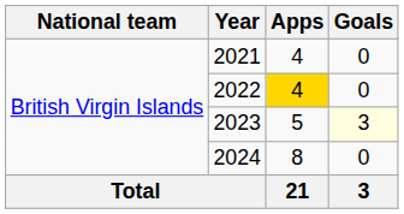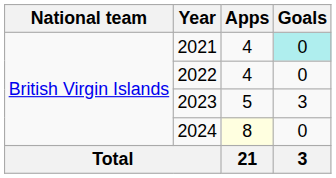 <table class="wikitable" style="text-align:center">
 <tr>
 <th>National team</th>
 <th>Year</th>
 <th>Apps</th>
 <th>Goals</th>
 </tr>
 <tr>
 <td rowspan="4"><a href='#'>British Virgin Islands</a></td>
 <td>2021</td>
 <td>4</td>
-<td>0</td>
+<td style="background: paleturquoise;">0</td>
 </tr>
 <tr>
 <td>2022</td>
-<td style="background: gold;">4</td>
+<td>4</td>
 <td>0</td>
 </tr>
 <tr>
 <td>2023</td>
 <td>5</td>
-<td style="background: lightyellow;">3</td>
+<td>3</td>
 </tr>
 <tr>
 <td>2024</td>
-<td>8</td>
+<td style="background: lightyellow;">8</td>
 <td>0</td>
 </tr>
 <tr>
 <th colspan="2">Total</th>
 <th>21</th>
 <th>3</th>
 </tr>
 </table>
